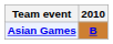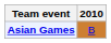 <table style='font-size: 90%; text-align:center;' class='wikitable'>
 <tr>
 <th>Team event</th>
 <th>2010</th>
 </tr>
 <tr>
 <td bgcolor="#ECF2FF"; align="left"><strong><a href='#'>Asian Games</a></strong></td>
-<td bgcolor=CD7F32><strong><a href='#'>B</a></strong></td>
+<td bgcolor=CD7F32><a href='#'>B</a></td>
 </tr>
 </table>
